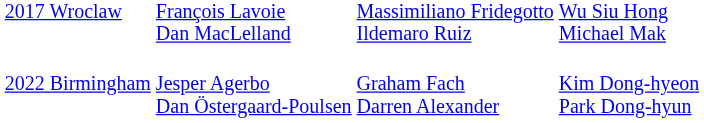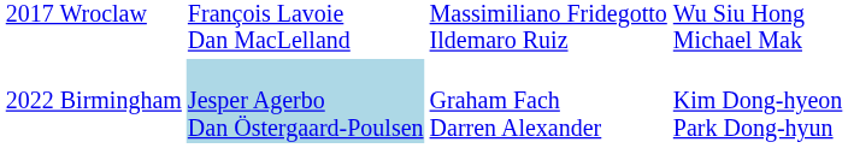 <table>
 <tr>
 <td><a href='#'>2017 Wroclaw</a></td>
 <td><br><a href='#'>François Lavoie</a><br><a href='#'>Dan MacLelland</a></td>
 <td><br><a href='#'>Massimiliano Fridegotto</a><br><a href='#'>Ildemaro Ruiz</a></td>
 <td><br><a href='#'>Wu Siu Hong</a><br><a href='#'>Michael Mak</a></td>
 </tr>
 <tr>
 <td><a href='#'>2022 Birmingham</a></td>
-<td><br><a href='#'>Jesper Agerbo</a><br><a href='#'>Dan Östergaard-Poulsen</a></td>
+<td style="background: lightblue;"><br><a href='#'>Jesper Agerbo</a><br><a href='#'>Dan Östergaard-Poulsen</a></td>
 <td><br><a href='#'>Graham Fach</a><br><a href='#'>Darren Alexander</a></td>
 <td><br><a href='#'>Kim Dong-hyeon</a><br><a href='#'>Park Dong-hyun</a></td>
 </tr>
 </table>
